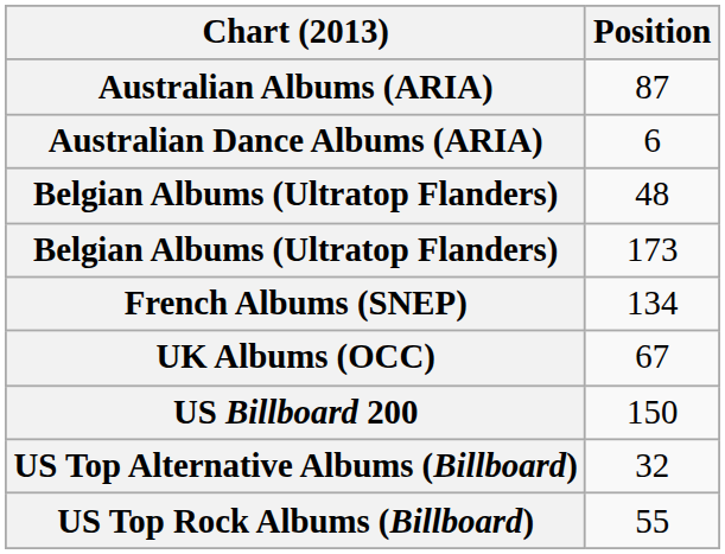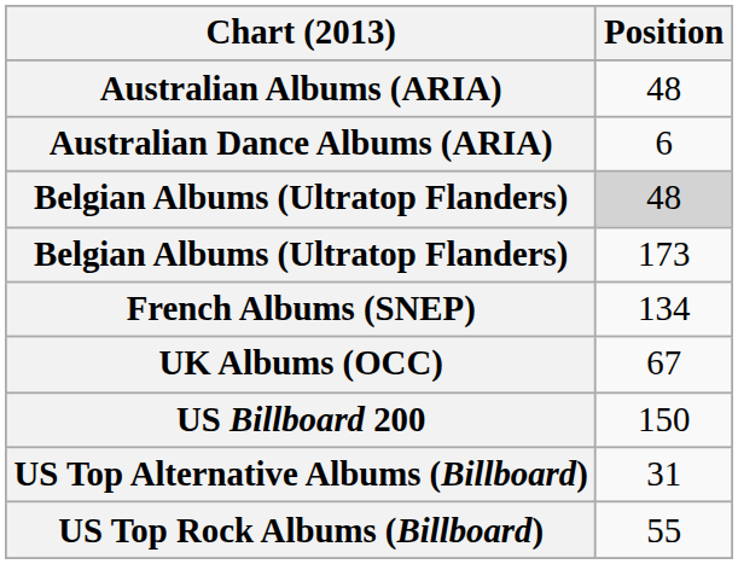 <table class="wikitable sortable plainrowheaders" style="text-align:center">
 <tr>
 <th scope="col">Chart (2013)</th>
 <th scope="col">Position</th>
 </tr>
 <tr>
 <th scope="row">Australian Albums (ARIA)</th>
-<td>87</td>
+<td>48</td>
 </tr>
 <tr>
 <th scope="row">Australian Dance Albums (ARIA)</th>
 <td>6</td>
 </tr>
 <tr>
 <th scope="row">Belgian Albums (Ultratop Flanders)</th>
-<td>48</td>
+<td style="background: lightgrey;">48</td>
 </tr>
 <tr>
 <th scope="row">Belgian Albums (Ultratop Flanders)</th>
 <td>173</td>
 </tr>
 <tr>
 <th scope="row">French Albums (SNEP)</th>
 <td>134</td>
 </tr>
 <tr>
 <th scope="row">UK Albums (OCC)</th>
 <td>67</td>
 </tr>
 <tr>
 <th scope="row">US <em>Billboard</em> 200</th>
 <td>150</td>
 </tr>
 <tr>
 <th scope="row">US Top Alternative Albums (<em>Billboard</em>)</th>
-<td>32</td>
+<td>31</td>
 </tr>
 <tr>
 <th scope="row">US Top Rock Albums (<em>Billboard</em>)</th>
 <td>55</td>
 </tr>
 </table>
